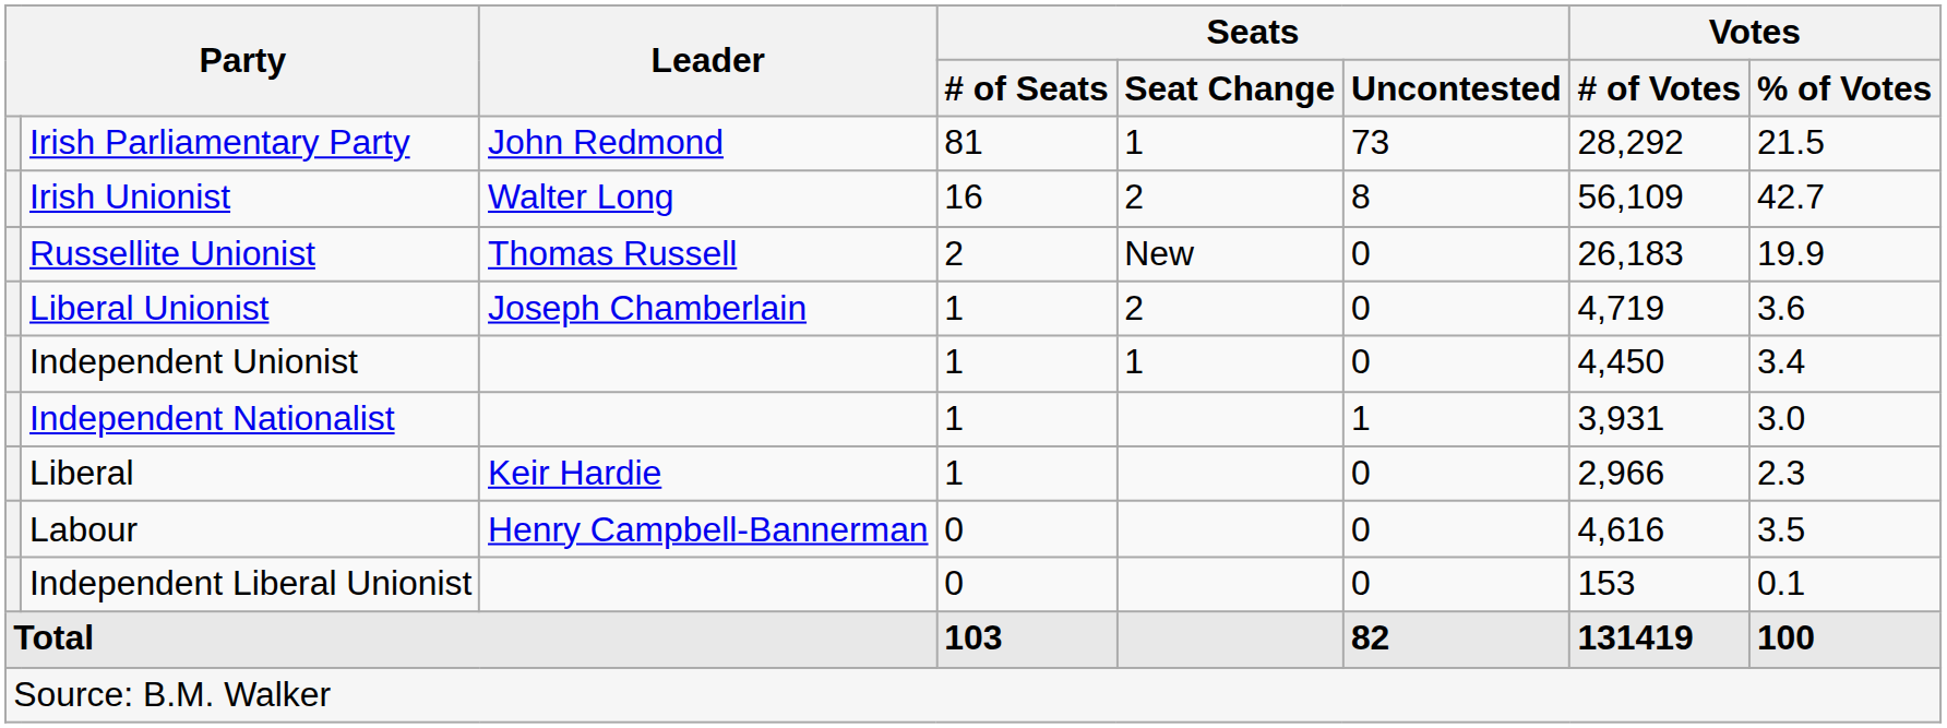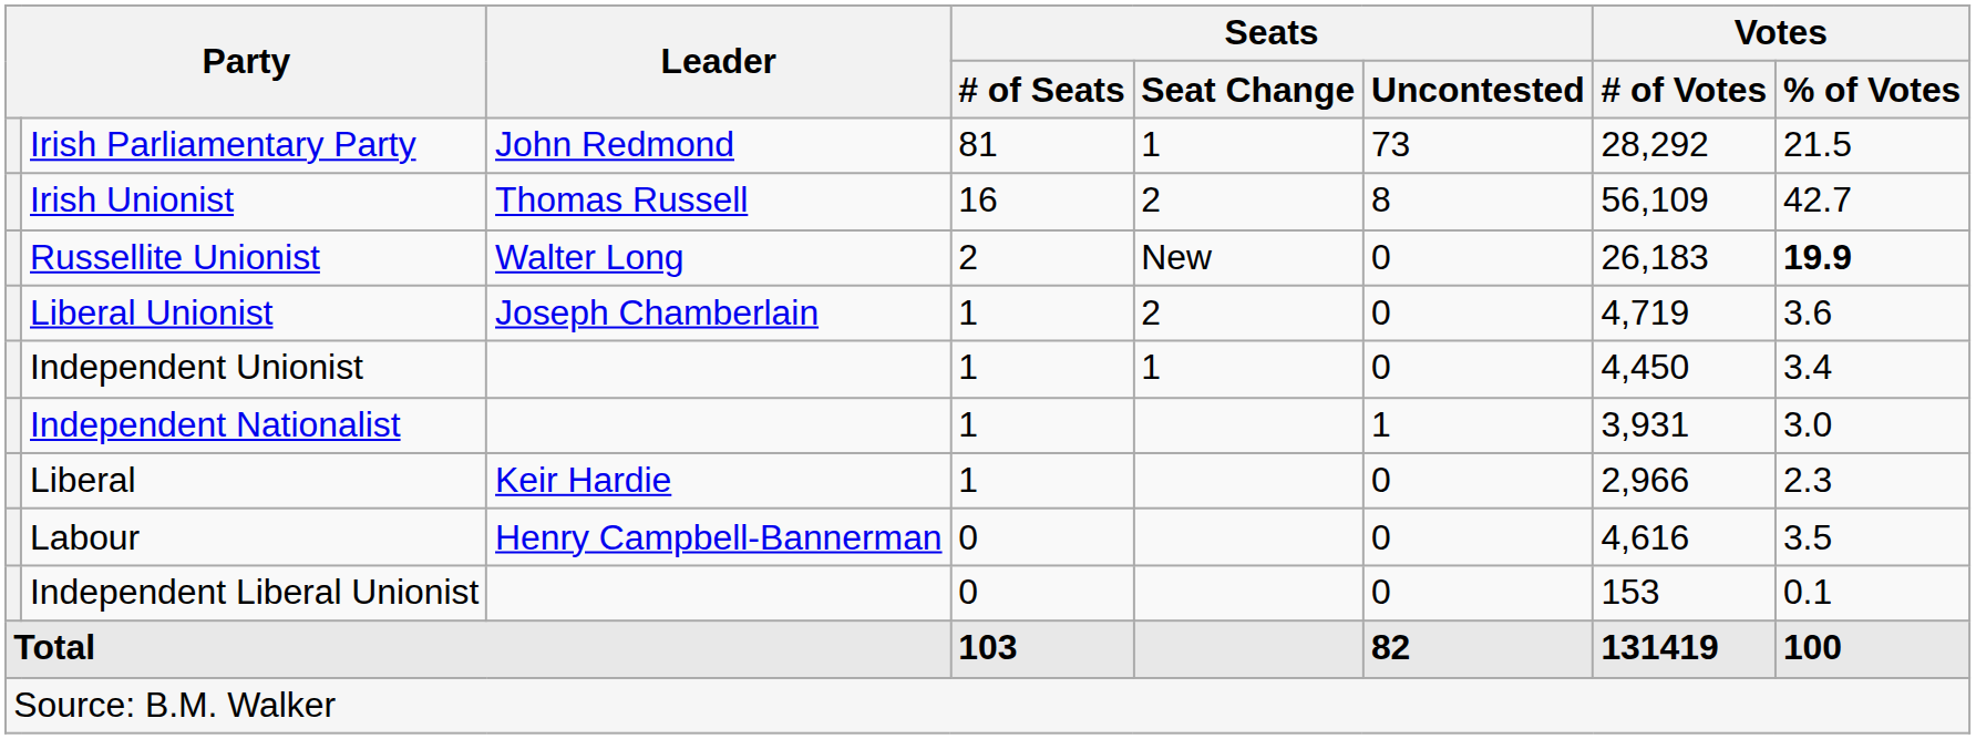 <table class="wikitable">
 <tr>
 <th rowspan="2" colspan="2">Party</th>
 <th rowspan="2">Leader</th>
 <th colspan="3">Seats</th>
 <th colspan="3">Votes</th>
 </tr>
 <tr>
 <th># of Seats</th>
 <th>Seat Change</th>
 <th>Uncontested</th>
 <th># of Votes</th>
 <th>% of Votes</th>
 </tr>
 <tr>
 <th style="background-color: "></th>
 <td><a href='#'>Irish Parliamentary Party</a></td>
 <td><a href='#'>John Redmond</a></td>
 <td>81</td>
 <td>1</td>
 <td>73</td>
 <td>28,292</td>
 <td>21.5</td>
 </tr>
 <tr>
 <th style="background-color: "></th>
 <td><a href='#'>Irish Unionist</a></td>
-<td><a href='#'>Walter Long</a></td>
+<td><a href='#'>Thomas Russell</a></td>
 <td>16</td>
 <td>2</td>
 <td>8</td>
 <td>56,109</td>
 <td>42.7</td>
 </tr>
 <tr>
 <th style="background-color: "></th>
 <td><a href='#'>Russellite Unionist</a></td>
-<td><a href='#'>Thomas Russell</a></td>
+<td><a href='#'>Walter Long</a></td>
 <td>2</td>
 <td>New</td>
 <td>0</td>
 <td>26,183</td>
-<td>19.9</td>
+<td><strong>19.9</strong></td>
 </tr>
 <tr>
 <th style="background-color: "></th>
 <td><a href='#'>Liberal Unionist</a></td>
 <td><a href='#'>Joseph Chamberlain</a></td>
 <td>1</td>
 <td> 2</td>
 <td>0</td>
 <td>4,719</td>
 <td>3.6</td>
 </tr>
 <tr>
 <th style="background-color: "></th>
 <td>Independent Unionist</td>
 <td></td>
 <td>1</td>
 <td> 1</td>
 <td>0</td>
 <td>4,450</td>
 <td>3.4</td>
 </tr>
 <tr>
 <th style="background-color: "></th>
 <td><a href='#'>Independent Nationalist</a></td>
 <td></td>
 <td>1</td>
 <td></td>
 <td>1</td>
 <td>3,931</td>
 <td>3.0</td>
 </tr>
 <tr>
 <th style="background-color: "></th>
 <td>Liberal</td>
 <td><a href='#'>Keir Hardie</a></td>
 <td>1</td>
 <td></td>
 <td>0</td>
 <td>2,966</td>
 <td>2.3</td>
 </tr>
 <tr>
 <th style="background-color: "></th>
 <td>Labour</td>
 <td><a href='#'>Henry Campbell-Bannerman</a></td>
 <td>0</td>
 <td></td>
 <td>0</td>
 <td>4,616</td>
 <td>3.5</td>
 </tr>
 <tr>
 <th style="background-color: "></th>
 <td>Independent Liberal Unionist</td>
 <td></td>
 <td>0</td>
 <td></td>
 <td>0</td>
 <td>153</td>
 <td>0.1</td>
 </tr>
 <tr class="sortbottom" style="font-weight:bold; background:rgb(232,232,232);">
 <td colspan=3>Total</td>
 <td>103</td>
 <td></td>
 <td>82</td>
 <td>131419</td>
 <td>100</td>
 </tr>
 <tr style="background-color:#F6F6F6">
 <td colspan="9" align="left">Source: B.M. Walker</td>
 </tr>
 </table>
